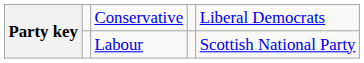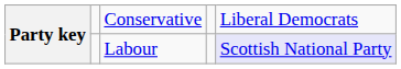 <table class=wikitable>
 <tr>
 <th rowspan=2>Party key</th>
 <td width="1" style="color:inherit;background:"></td>
 <td><a href='#'>Conservative</a></td>
 <td width="1" style="color:inherit;background:"></td>
 <td><a href='#'>Liberal Democrats</a></td>
 </tr>
 <tr>
 <td width="1" style="color:inherit;background:"></td>
 <td><a href='#'>Labour</a></td>
 <td width="1" style="color:inherit;background:"></td>
-<td><a href='#'>Scottish National Party</a></td>
+<td style="background: lavender;"><a href='#'>Scottish National Party</a></td>
 </tr>
 </table>
